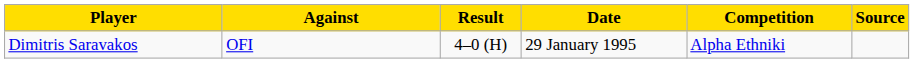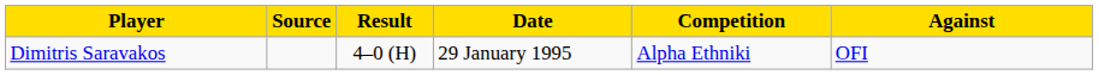 <table class="wikitable">
 <tr>
 <th width=200 style="background:#FFDE00">Player</th>
-<th width=200 style="background:#FFDE00">Against</th>
+<th style="background:#FFDE00">Source</th>
 <th width=70 style="background:#FFDE00">Result</th>
 <th width=150 style="background:#FFDE00">Date</th>
 <th width=150 style="background:#FFDE00">Competition</th>
-<th style="background:#FFDE00">Source</th>
+<th width=200 style="background:#FFDE00">Against</th>
 </tr>
 <tr>
 <td> <a href='#'>Dimitris Saravakos</a></td>
-<td> <a href='#'>OFI</a></td>
+<td align=center></td>
 <td align=center>4–0 (H)</td>
 <td>29 January 1995</td>
 <td><a href='#'>Alpha Ethniki</a></td>
-<td align=center></td>
+<td> <a href='#'>OFI</a></td>
 </tr>
 </table>
